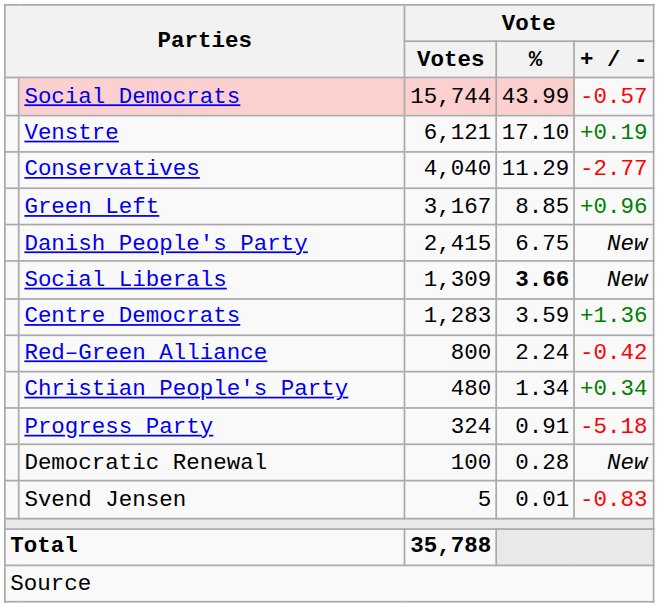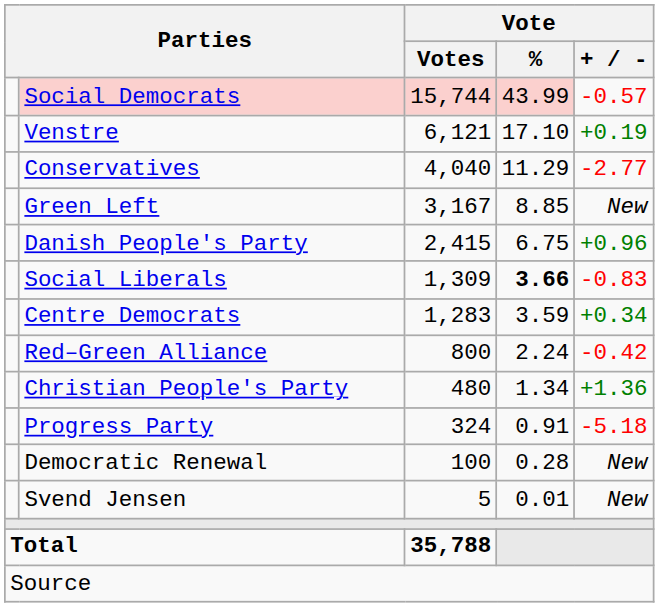 <table class="wikitable" style="text-align:right;">
 <tr>
 <th style="text-align:centre;" rowspan="2" colspan="2" width="225">Parties</th>
 <th colspan="3">Vote</th>
 </tr>
 <tr>
 <th width="15">Votes</th>
 <th width="15">%</th>
 <th width="15">+ / -</th>
 </tr>
 <tr>
 <td width="2" style="color:inherit;background:"></td>
 <td bgcolor=#fbd0ce  align="left"><a href='#'>Social Democrats</a></td>
 <td bgcolor=#fbd0ce>15,744</td>
 <td bgcolor=#fbd0ce>43.99</td>
 <td style=color:red;>-0.57</td>
 </tr>
 <tr>
 <td width="2" style="color:inherit;background:"></td>
 <td align="left"><a href='#'>Venstre</a></td>
 <td>6,121</td>
 <td>17.10</td>
 <td style=color:green;>+0.19</td>
 </tr>
 <tr>
 <td width="2" style="color:inherit;background:"></td>
 <td align="left"><a href='#'>Conservatives</a></td>
 <td>4,040</td>
 <td>11.29</td>
 <td style=color:red;>-2.77</td>
 </tr>
 <tr>
 <td width="2" style="color:inherit;background:"></td>
 <td align="left"><a href='#'>Green Left</a></td>
 <td>3,167</td>
 <td>8.85</td>
-<td style=color:green;>+0.96</td>
+<td><em>New</em></td>
 </tr>
 <tr>
 <td width="2" style="color:inherit;background:"></td>
 <td align="left"><a href='#'>Danish People's Party</a></td>
 <td>2,415</td>
 <td>6.75</td>
-<td><em>New</em></td>
+<td style=color:green;>+0.96</td>
 </tr>
 <tr>
 <td width="2" style="color:inherit;background:"></td>
 <td align="left"><a href='#'>Social Liberals</a></td>
 <td>1,309</td>
 <td><strong>3.66</strong></td>
-<td><em>New</em></td>
+<td style=color:red;>-0.83</td>
 </tr>
 <tr>
 <td width="2" style="color:inherit;background:"></td>
 <td align="left"><a href='#'>Centre Democrats</a></td>
 <td>1,283</td>
 <td>3.59</td>
-<td style=color:green;>+1.36</td>
+<td style=color:green;>+0.34</td>
 </tr>
 <tr>
 <td width="2" style="color:inherit;background:"></td>
 <td align="left"><a href='#'>Red–Green Alliance</a></td>
 <td>800</td>
 <td>2.24</td>
 <td style=color:red;>-0.42</td>
 </tr>
 <tr>
 <td width="2" style="color:inherit;background:"></td>
 <td align="left"><a href='#'>Christian People's Party</a></td>
 <td>480</td>
 <td>1.34</td>
-<td style=color:green;>+0.34</td>
+<td style=color:green;>+1.36</td>
 </tr>
 <tr>
 <td width="2" style="color:inherit;background:"></td>
 <td align="left"><a href='#'>Progress Party</a></td>
 <td>324</td>
 <td>0.91</td>
 <td style=color:red;>-5.18</td>
 </tr>
 <tr>
 <td width="2" style="color:inherit;background:"></td>
 <td align="left">Democratic Renewal</td>
 <td>100</td>
 <td>0.28</td>
 <td><em>New</em></td>
 </tr>
 <tr>
 <td width="2" style="color:inherit;background:"></td>
 <td align="left">Svend Jensen</td>
 <td>5</td>
 <td>0.01</td>
-<td style=color:red;>-0.83</td>
+<td><em>New</em></td>
 </tr>
 <tr>
 <td colspan="7" bgcolor="#E9E9E9"></td>
 </tr>
 <tr>
 <td align="left" colspan="2"><strong>Total</strong></td>
 <td><strong>35,788</strong></td>
 <td bgcolor="#E9E9E9" colspan="2"></td>
 </tr>
 <tr>
 <td align="left" colspan="6">Source</td>
 </tr>
 </table>
